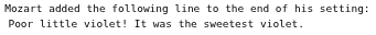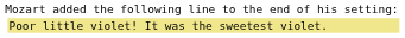 <table>
 <tr>
 <td></td>
 <td></td>
 </tr>
 <tr>
 <td colspan=2>Mozart added the following line to the end of his setting:</td>
 </tr>
 <tr>
 <td></td>
-<td>Poor little violet! It was the sweetest violet.</td>
+<td style="background: khaki;">Poor little violet! It was the sweetest violet.</td>
 </tr>
 </table>
